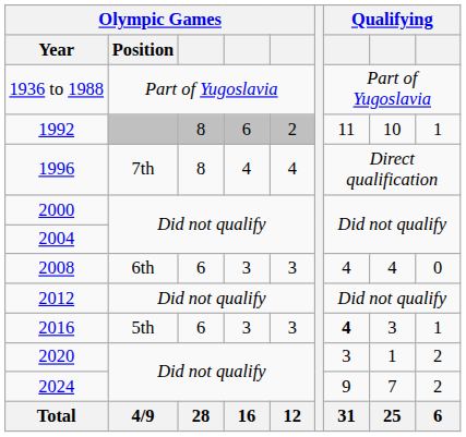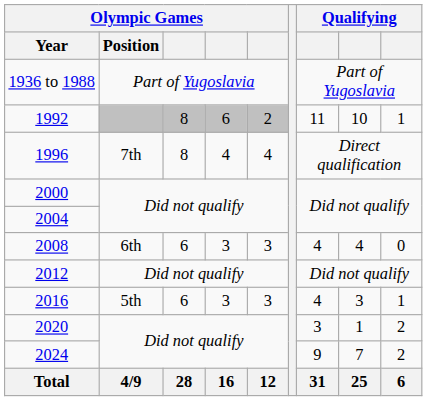 <table class="wikitable" style="text-align: center;font-size:90%;">
 <tr>
 <th colspan=5><a href='#'>Olympic Games</a></th>
 <th rowspan=13></th>
 <th colspan=3><a href='#'>Qualifying</a></th>
 </tr>
 <tr>
 <th>Year</th>
 <th>Position</th>
 <th width=30></th>
 <th width=30></th>
 <th width=30></th>
 <th width=30></th>
 <th width=30></th>
 <th width=30></th>
 </tr>
 <tr>
 <td><a href='#'>1936</a> to <a href='#'>1988</a></td>
 <td colspan=4><em>Part of <a href='#'>Yugoslavia</a></em></td>
 <td colspan=3><em>Part of <a href='#'>Yugoslavia</a></em></td>
 </tr>
 <tr>
 <td> <a href='#'>1992</a></td>
 <td bgcolor=silver></td>
 <td bgcolor=silver>8</td>
 <td bgcolor=silver>6</td>
 <td bgcolor=silver>2</td>
 <td>11</td>
 <td>10</td>
 <td>1</td>
 </tr>
 <tr>
 <td> <a href='#'>1996</a></td>
 <td>7th</td>
 <td>8</td>
 <td>4</td>
 <td>4</td>
 <td colspan=3><em>Direct qualification</em></td>
 </tr>
 <tr>
 <td> <a href='#'>2000</a></td>
 <td colspan=4 rowspan=2><em>Did not qualify</em></td>
 <td colspan=3 rowspan=2><em>Did not qualify</em></td>
 </tr>
 <tr>
 <td> <a href='#'>2004</a></td>
 </tr>
 <tr>
 <td> <a href='#'>2008</a></td>
 <td>6th</td>
 <td>6</td>
 <td>3</td>
 <td>3</td>
 <td>4</td>
 <td>4</td>
 <td>0</td>
 </tr>
 <tr>
 <td> <a href='#'>2012</a></td>
 <td colspan=4><em>Did not qualify</em></td>
 <td colspan=3><em>Did not qualify</em></td>
 </tr>
 <tr>
 <td> <a href='#'>2016</a></td>
 <td>5th</td>
 <td>6</td>
 <td>3</td>
 <td>3</td>
-<td><strong>4</strong></td>
+<td>4</td>
 <td>3</td>
 <td>1</td>
 </tr>
 <tr>
 <td> <a href='#'>2020</a></td>
 <td colspan=4 rowspan=2><em>Did not qualify</em></td>
 <td>3</td>
 <td>1</td>
 <td>2</td>
 </tr>
 <tr>
 <td> <a href='#'>2024</a></td>
 <td>9</td>
 <td>7</td>
 <td>2</td>
 </tr>
 <tr>
 <th>Total</th>
 <th>4/9</th>
 <th>28</th>
 <th>16</th>
 <th>12</th>
 <th>31</th>
 <th>25</th>
 <th>6</th>
 </tr>
 </table>
